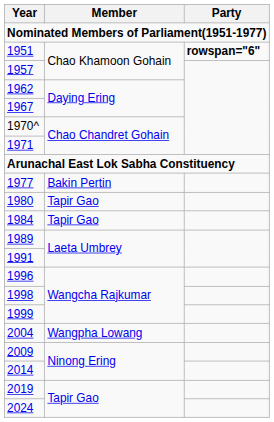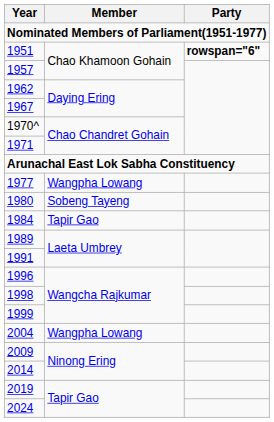 <table class="wikitable">
 <tr>
 <th>Year</th>
 <th>Member</th>
 <th colspan=2>Party</th>
 </tr>
 <tr>
 <td colspan="5"><strong>Nominated Members of Parliament(1951-1977)</strong></td>
 </tr>
 <tr>
 <td><a href='#'>1951</a></td>
 <td rowspan="2">Chao Khamoon Gohain</td>
 <td><strong>rowspan="6" </strong></td>
 </tr>
 <tr>
 <td><a href='#'>1957</a></td>
 </tr>
 <tr>
 <td><a href='#'>1962</a></td>
 <td rowspan="2"><a href='#'>Daying Ering</a></td>
 </tr>
 <tr>
 <td><a href='#'>1967</a></td>
 </tr>
 <tr>
 <td>1970^</td>
 <td rowspan="2"><a href='#'>Chao Chandret Gohain</a></td>
 </tr>
 <tr>
 <td><a href='#'>1971</a></td>
 </tr>
 <tr>
 <td colspan="5"><strong>Arunachal East Lok Sabha Constituency</strong></td>
 </tr>
 <tr>
 <td><a href='#'>1977</a></td>
-<td><a href='#'>Bakin Pertin</a></td>
+<td><a href='#'>Wangpha Lowang</a></td>
 <td></td>
 </tr>
 <tr>
 <td><a href='#'>1980</a></td>
-<td><a href='#'>Tapir Gao</a></td>
+<td><a href='#'>Sobeng Tayeng</a></td>
 <td></td>
 </tr>
 <tr>
 <td><a href='#'>1984</a></td>
 <td><a href='#'>Tapir Gao</a></td>
 <td></td>
 </tr>
 <tr>
 <td><a href='#'>1989</a></td>
 <td rowspan="2"><a href='#'>Laeta Umbrey</a></td>
 </tr>
 <tr>
 <td><a href='#'>1991</a></td>
 </tr>
 <tr>
 <td><a href='#'>1996</a></td>
 <td rowspan="3"><a href='#'>Wangcha Rajkumar</a></td>
 <td></td>
 </tr>
 <tr>
 <td><a href='#'>1998</a></td>
 <td></td>
 </tr>
 <tr>
 <td><a href='#'>1999</a></td>
 <td></td>
 </tr>
 <tr>
 <td><a href='#'>2004</a></td>
 <td><a href='#'>Wangpha Lowang</a></td>
 <td></td>
 </tr>
 <tr>
 <td><a href='#'>2009</a></td>
 <td rowspan="2"><a href='#'>Ninong Ering</a></td>
 <td></td>
 </tr>
 <tr>
 <td><a href='#'>2014</a></td>
 </tr>
 <tr>
 <td><a href='#'>2019</a></td>
 <td rowspan="2"><a href='#'>Tapir Gao</a></td>
 <td></td>
 </tr>
 <tr>
 <td><a href='#'>2024</a></td>
 </tr>
 </table>
